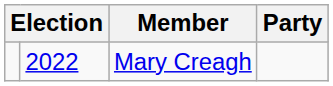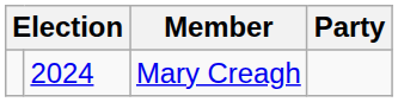 <table class="wikitable">
 <tr>
 <th colspan="2">Election</th>
 <th>Member</th>
 <th>Party</th>
 </tr>
 <tr>
 <td style="color:inherit;background-color: "></td>
-<td><a href='#'>2022</a></td>
+<td><a href='#'>2024</a></td>
 <td><a href='#'>Mary Creagh</a></td>
 <td></td>
 </tr>
 </table>
